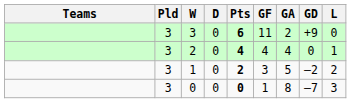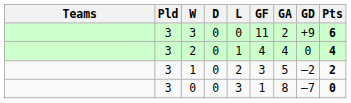 <table class="wikitable" style="text-align: center;">
 <tr>
 <th width=165>Teams</th>
 <th width=20>Pld</th>
 <th width=20>W</th>
 <th width=20>D</th>
-<th width=20>Pts</th>
+<th width=20>L</th>
 <th width=20>GF</th>
 <th width=20>GA</th>
 <th width=20>GD</th>
-<th width=20>L</th>
+<th width=20>Pts</th>
 </tr>
 <tr align=center style="background:#ccffcc;">
 <td style="text-align:left;"></td>
 <td>3</td>
 <td>3</td>
 <td>0</td>
-<td><strong>6</strong></td>
+<td>0</td>
 <td>11</td>
 <td>2</td>
 <td>+9</td>
-<td>0</td>
+<td><strong>6</strong></td>
 </tr>
 <tr align=center style="background:#ccffcc;">
 <td style="text-align:left;"></td>
 <td>3</td>
 <td>2</td>
 <td>0</td>
-<td><strong>4</strong></td>
+<td>1</td>
 <td>4</td>
 <td>4</td>
 <td>0</td>
-<td>1</td>
+<td><strong>4</strong></td>
 </tr>
 <tr align=center>
 <td style="text-align:left;"></td>
 <td>3</td>
 <td>1</td>
 <td>0</td>
-<td><strong>2</strong></td>
+<td>2</td>
 <td>3</td>
 <td>5</td>
 <td>–2</td>
-<td>2</td>
+<td><strong>2</strong></td>
 </tr>
 <tr align=center>
 <td style="text-align:left;"></td>
 <td>3</td>
 <td>0</td>
 <td>0</td>
-<td><strong>0</strong></td>
+<td>3</td>
 <td>1</td>
 <td>8</td>
 <td>–7</td>
-<td>3</td>
+<td><strong>0</strong></td>
 </tr>
 </table>
